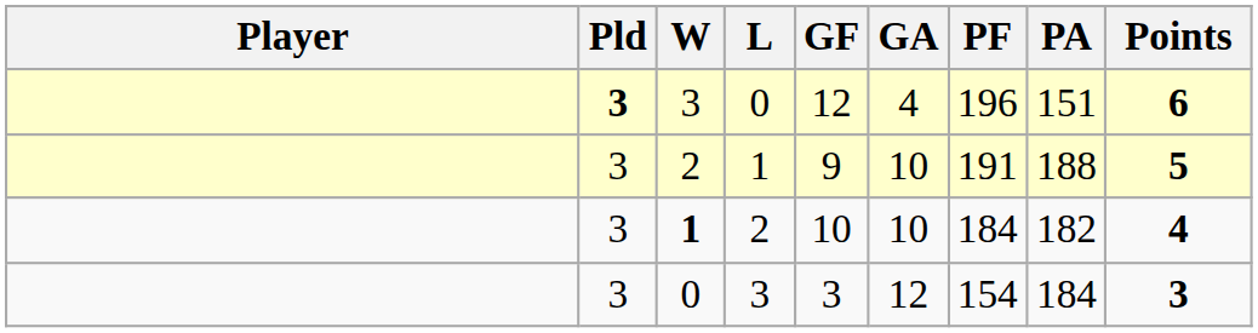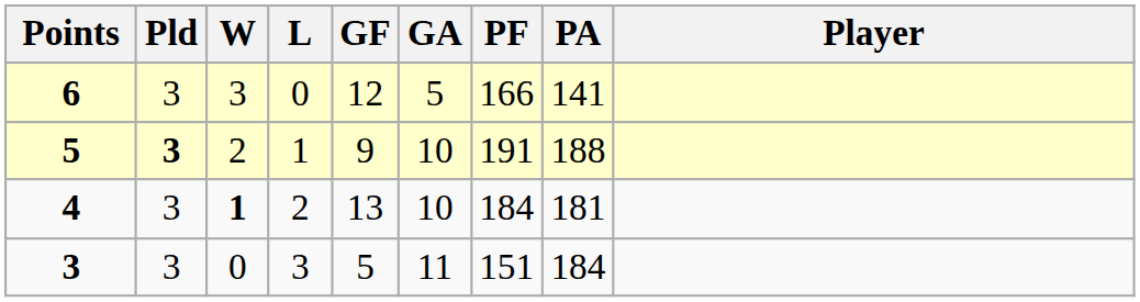 <table class=wikitable style="text-align:center">
 <tr>
-<th width=220>Player</th>
+<th width=50>Points</th>
 <th width=20>Pld</th>
 <th width=20>W</th>
 <th width=20>L</th>
 <th width=20>GF</th>
 <th width=20>GA</th>
 <th width=20>PF</th>
 <th width=20>PA</th>
-<th width=50>Points</th>
+<th width=220>Player</th>
 </tr>
 <tr bgcolor=#ffffcc>
-<td align=left></td>
-<td><strong>3</strong></td>
+<td><strong>6</strong></td>
+<td>3</td>
 <td>3</td>
 <td>0</td>
 <td>12</td>
-<td>4</td>
-<td>196</td>
-<td>151</td>
-<td><strong>6</strong></td>
+<td>5</td>
+<td>166</td>
+<td>141</td>
+<td align=left></td>
 </tr>
 <tr bgcolor=#ffffcc>
-<td align=left></td>
-<td>3</td>
+<td><strong>5</strong></td>
+<td><strong>3</strong></td>
 <td>2</td>
 <td>1</td>
 <td>9</td>
 <td>10</td>
 <td>191</td>
 <td>188</td>
-<td><strong>5</strong></td>
+<td align=left></td>
 </tr>
 <tr>
-<td align=left></td>
+<td><strong>4</strong></td>
 <td>3</td>
 <td><strong>1</strong></td>
 <td>2</td>
-<td>10</td>
+<td>13</td>
 <td>10</td>
 <td>184</td>
-<td>182</td>
-<td><strong>4</strong></td>
+<td>181</td>
+<td align=left></td>
 </tr>
 <tr>
-<td align=left></td>
+<td><strong>3</strong></td>
 <td>3</td>
 <td>0</td>
 <td>3</td>
-<td>3</td>
-<td>12</td>
-<td>154</td>
+<td>5</td>
+<td>11</td>
+<td>151</td>
 <td>184</td>
-<td><strong>3</strong></td>
+<td align=left></td>
 </tr>
 </table>
